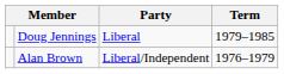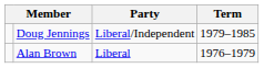 <table class="wikitable">
 <tr>
 <th colspan="2">Member</th>
 <th>Party</th>
 <th>Term</th>
 </tr>
 <tr>
 <td> </td>
 <td><a href='#'>Doug Jennings</a></td>
-<td><a href='#'>Liberal</a></td>
+<td><a href='#'>Liberal</a>/Independent</td>
 <td>1979–1985</td>
 </tr>
 <tr>
 <td> </td>
 <td><a href='#'>Alan Brown</a></td>
-<td><a href='#'>Liberal</a>/Independent</td>
+<td><a href='#'>Liberal</a></td>
 <td>1976–1979</td>
 </tr>
 </table>
